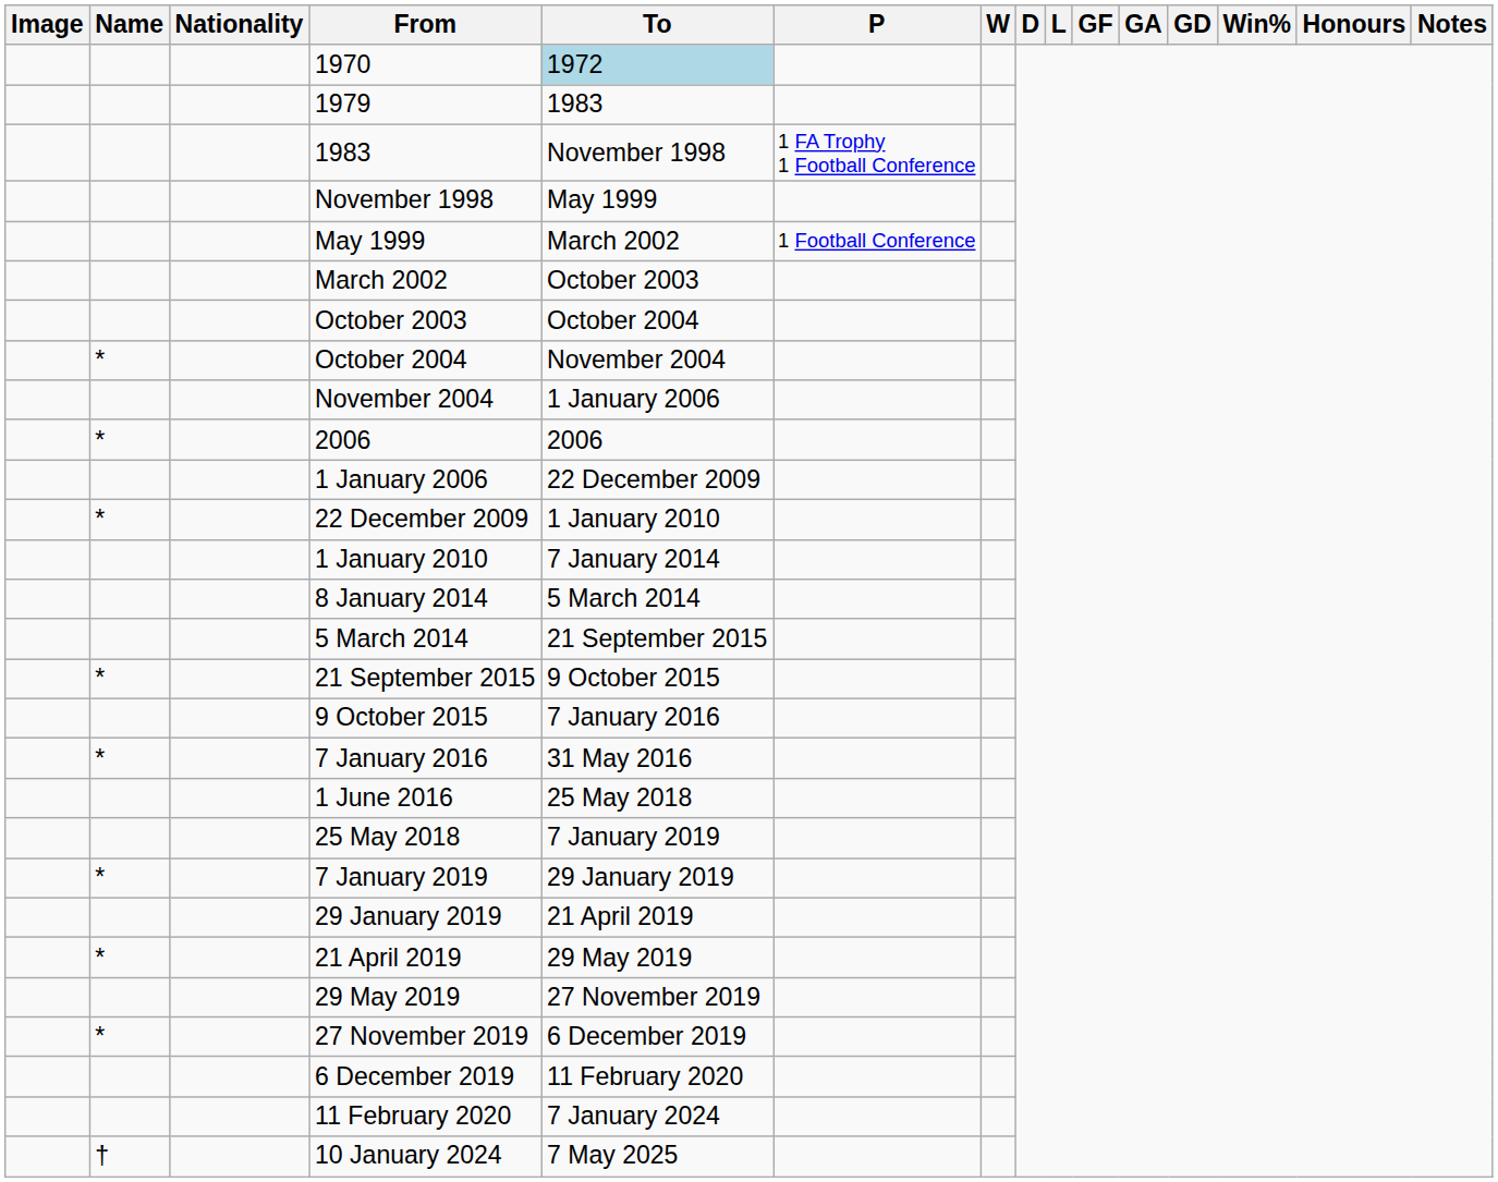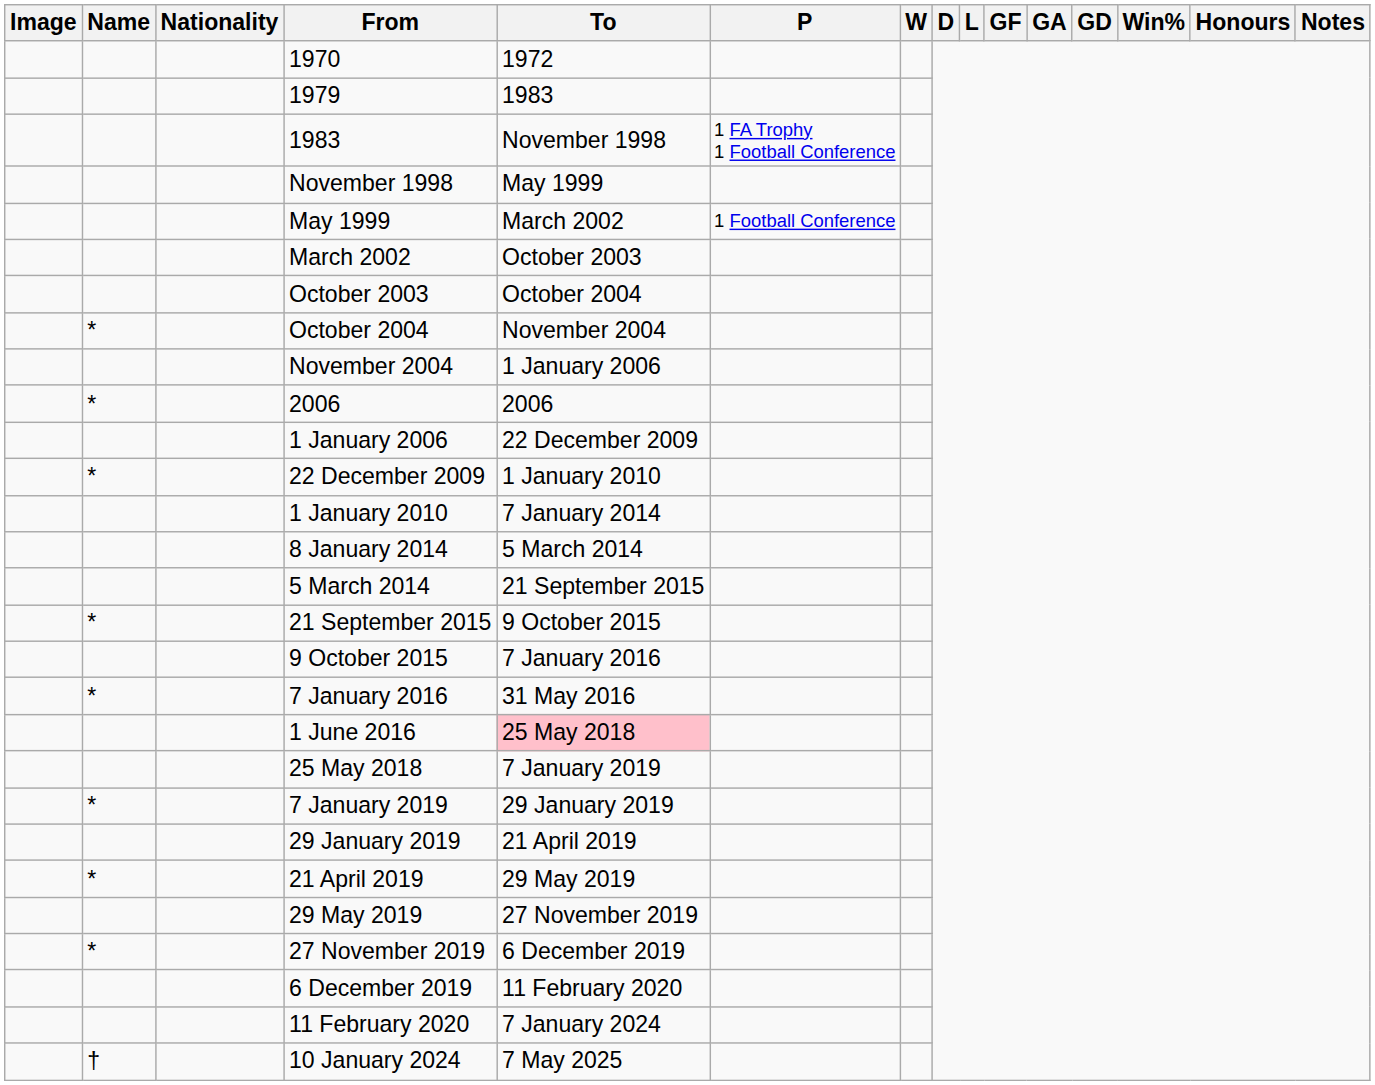 <table class="wikitable sortable" style="text-align: center">
 <tr>
 <th>Image</th>
 <th>Name</th>
 <th>Nationality</th>
 <th>From</th>
 <th class="unsortable">To</th>
 <th>P</th>
 <th>W</th>
 <th>D</th>
 <th>L</th>
 <th>GF</th>
 <th>GA</th>
 <th>GD</th>
 <th>Win%</th>
 <th class="unsortable">Honours</th>
 <th>Notes</th>
 </tr>
 <tr>
 <td></td>
 <td align=left></td>
 <td></td>
 <td align=left>1970</td>
-<td align=left style="background: lightblue;">1972<br></td>
+<td align=left>1972<br></td>
 <td></td>
 <td></td>
 </tr>
 <tr>
 <td></td>
 <td align=left></td>
 <td></td>
 <td align=left>1979</td>
 <td align=left>1983<br></td>
 <td></td>
 <td></td>
 </tr>
 <tr>
 <td></td>
 <td align=left></td>
 <td></td>
 <td align=left>1983</td>
 <td align=left>November 1998<br></td>
 <td style="text-align:left; font-size:80%;">1 <a href='#'>FA Trophy</a><br>1 <a href='#'>Football Conference</a></td>
 <td></td>
 </tr>
 <tr>
 <td></td>
 <td align=left></td>
 <td></td>
 <td align=left>November 1998</td>
 <td align=left>May 1999<br></td>
 <td></td>
 <td></td>
 </tr>
 <tr>
 <td></td>
 <td align=left></td>
 <td></td>
 <td align=left>May 1999</td>
 <td align=left>March 2002<br></td>
 <td style="text-align:left; font-size:80%;">1 <a href='#'>Football Conference</a></td>
 <td></td>
 </tr>
 <tr>
 <td></td>
 <td align=left></td>
 <td></td>
 <td align=left>March 2002</td>
 <td align=left>October 2003<br></td>
 <td></td>
 <td></td>
 </tr>
 <tr>
 <td></td>
 <td align=left></td>
 <td></td>
 <td align=left>October 2003</td>
 <td align=left>October 2004<br></td>
 <td></td>
 <td></td>
 </tr>
 <tr>
 <td></td>
 <td align=left>*</td>
 <td></td>
 <td align=left>October 2004</td>
 <td align=left>November 2004<br></td>
 <td></td>
 <td></td>
 </tr>
 <tr>
 <td></td>
 <td align=left></td>
 <td></td>
 <td align=left>November 2004</td>
 <td align=left>1 January 2006<br></td>
 <td></td>
 <td></td>
 </tr>
 <tr>
 <td></td>
 <td align=left>*</td>
 <td></td>
 <td align=left>2006</td>
 <td align=left>2006<br></td>
 <td></td>
 <td></td>
 </tr>
 <tr>
 <td></td>
 <td align=left></td>
 <td></td>
 <td align=left>1 January 2006</td>
 <td align=left>22 December 2009<br></td>
 <td></td>
 <td></td>
 </tr>
 <tr>
 <td></td>
 <td align=left>*</td>
 <td></td>
 <td align=left>22 December 2009</td>
 <td align=left>1 January 2010<br></td>
 <td></td>
 <td></td>
 </tr>
 <tr>
 <td></td>
 <td align=left></td>
 <td></td>
 <td align=left>1 January 2010</td>
 <td align=left>7 January 2014<br></td>
 <td></td>
 <td></td>
 </tr>
 <tr>
 <td></td>
 <td align=left></td>
 <td></td>
 <td align=left>8 January 2014</td>
 <td align=left>5 March 2014<br></td>
 <td></td>
 <td></td>
 </tr>
 <tr>
 <td></td>
 <td align=left></td>
 <td></td>
 <td align=left>5 March 2014</td>
 <td align=left>21 September 2015<br></td>
 <td></td>
 <td></td>
 </tr>
 <tr>
 <td></td>
 <td align=left>*</td>
 <td></td>
 <td align=left>21 September 2015</td>
 <td align=left>9 October 2015<br></td>
 <td></td>
 <td></td>
 </tr>
 <tr>
 <td></td>
 <td align=left></td>
 <td></td>
 <td align=left>9 October 2015</td>
 <td align=left>7 January 2016<br></td>
 <td></td>
 <td></td>
 </tr>
 <tr>
 <td></td>
 <td align=left>*</td>
 <td></td>
 <td align=left>7 January 2016</td>
 <td align=left>31 May 2016<br></td>
 <td></td>
 <td></td>
 </tr>
 <tr>
 <td></td>
 <td align=left></td>
 <td></td>
 <td align=left>1 June 2016</td>
-<td align=left>25 May 2018<br></td>
+<td align=left style="background: pink;">25 May 2018<br></td>
 <td></td>
 <td></td>
 </tr>
 <tr>
 <td></td>
 <td align=left></td>
 <td></td>
 <td align=left>25 May 2018</td>
 <td align=left>7 January 2019<br></td>
 <td></td>
 <td></td>
 </tr>
 <tr>
 <td></td>
 <td align=left>*</td>
 <td></td>
 <td align=left>7 January 2019</td>
 <td align=left>29 January 2019<br></td>
 <td></td>
 <td></td>
 </tr>
 <tr>
 <td></td>
 <td align=left></td>
 <td></td>
 <td align=left>29 January 2019</td>
 <td align=left>21 April 2019<br></td>
 <td></td>
 <td></td>
 </tr>
 <tr>
 <td></td>
 <td align=left>*</td>
 <td></td>
 <td align=left>21 April 2019</td>
 <td align=left>29 May 2019<br></td>
 <td></td>
 <td></td>
 </tr>
 <tr>
 <td></td>
 <td align=left></td>
 <td></td>
 <td align=left>29 May 2019</td>
 <td align=left>27 November 2019<br></td>
 <td></td>
 <td></td>
 </tr>
 <tr>
 <td></td>
 <td align=left>*</td>
 <td></td>
 <td align=left>27 November 2019</td>
 <td align=left>6 December 2019<br></td>
 <td></td>
 <td></td>
 </tr>
 <tr>
 <td></td>
 <td align=left></td>
 <td></td>
 <td align=left>6 December 2019</td>
 <td align=left>11 February 2020<br></td>
 <td></td>
 <td></td>
 </tr>
 <tr>
 <td></td>
 <td align=left></td>
 <td></td>
 <td align=left>11 February 2020</td>
 <td align=left>7 January 2024<br></td>
 <td></td>
 <td></td>
 </tr>
 <tr>
 <td></td>
 <td align=left>†</td>
 <td></td>
 <td align=left>10 January 2024</td>
 <td align=left>7 May 2025<br></td>
 <td></td>
 <td></td>
 </tr>
 </table>
